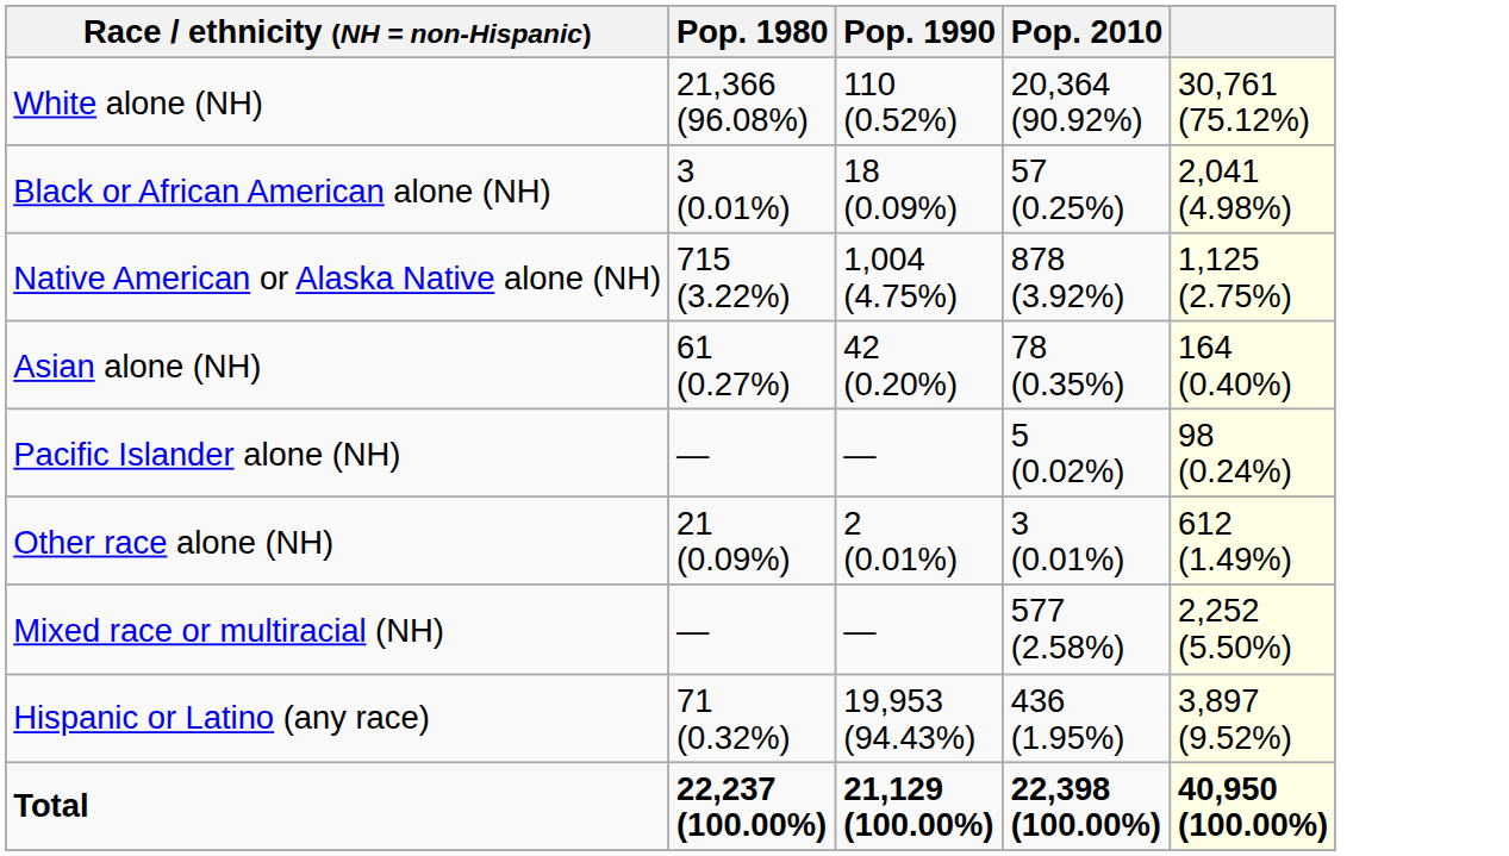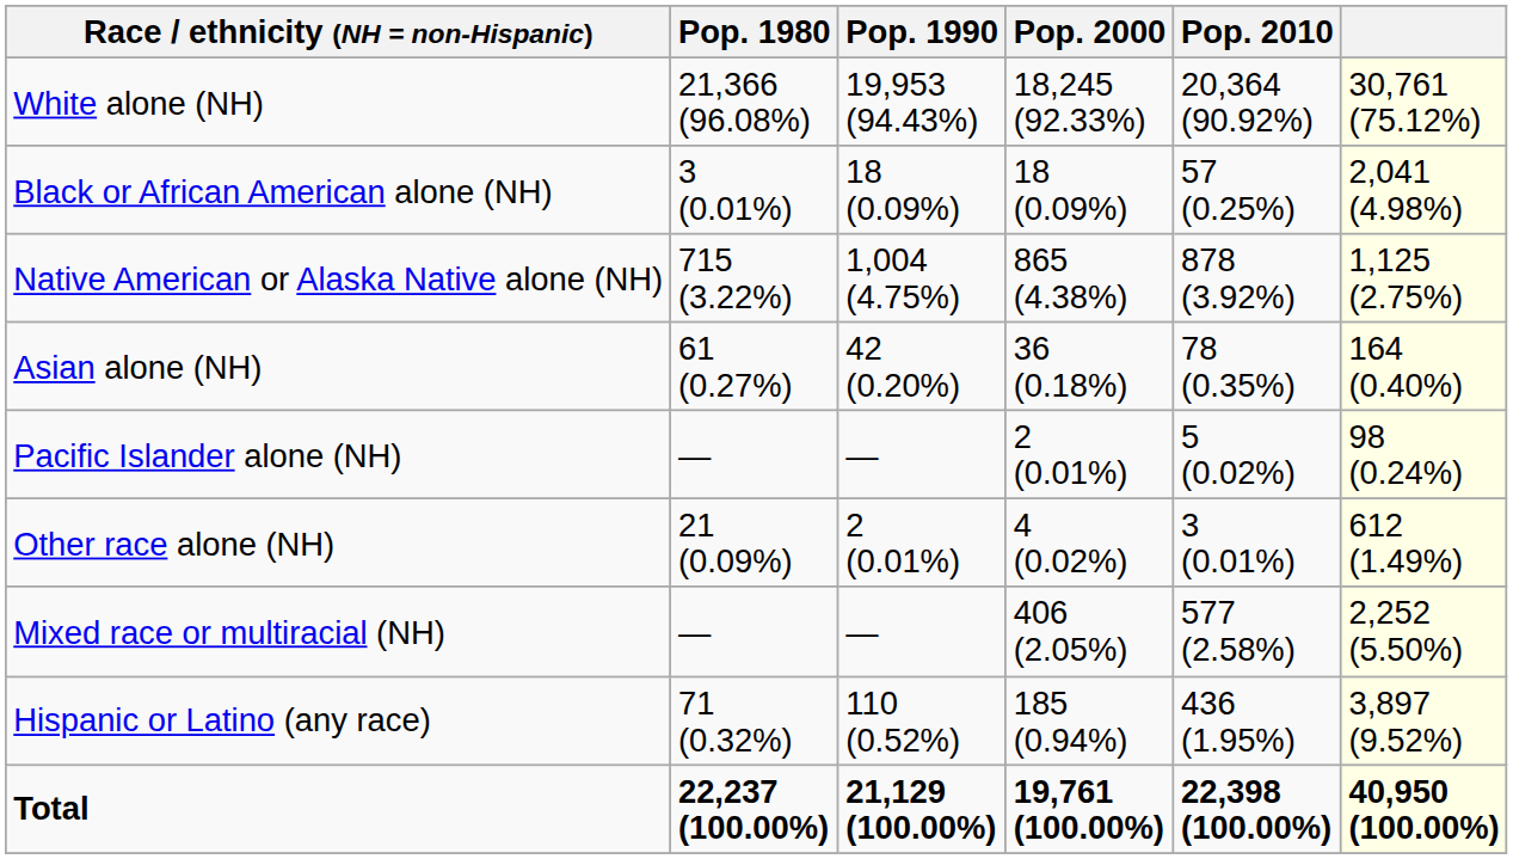 <table class="wikitable sortable collapsible" style="font-size: 95%;">
 <tr>
 <th>Race / ethnicity <small>(<em>NH = non-Hispanic</em>)</small></th>
 <th>Pop. 1980</th>
 <th>Pop. 1990</th>
+<th>Pop. 2000</th>
 <th>Pop. 2010</th>
 <th></th>
 </tr>
 <tr>
 <td><a href='#'>White</a> alone (NH)</td>
 <td>21,366<br>(96.08%)</td>
-<td>110<br>(0.52%)</td>
+<td>19,953<br>(94.43%)</td>
+<td>18,245<br>(92.33%)</td>
 <td>20,364<br>(90.92%)</td>
 <td style='background: #ffffe6;'>30,761<br>(75.12%)</td>
 </tr>
 <tr>
 <td><a href='#'>Black or African American</a> alone (NH)</td>
 <td>3<br>(0.01%)</td>
+<td>18<br>(0.09%)</td>
 <td>18<br>(0.09%)</td>
 <td>57<br>(0.25%)</td>
 <td style='background: #ffffe6;'>2,041<br>(4.98%)</td>
 </tr>
 <tr>
 <td><a href='#'>Native American</a> or <a href='#'>Alaska Native</a> alone (NH)</td>
 <td>715<br>(3.22%)</td>
 <td>1,004<br>(4.75%)</td>
+<td>865<br>(4.38%)</td>
 <td>878<br>(3.92%)</td>
 <td style='background: #ffffe6;'>1,125<br>(2.75%)</td>
 </tr>
 <tr>
 <td><a href='#'>Asian</a> alone (NH)</td>
 <td>61<br>(0.27%)</td>
 <td>42<br>(0.20%)</td>
+<td>36<br>(0.18%)</td>
 <td>78<br>(0.35%)</td>
 <td style='background: #ffffe6;'>164<br>(0.40%)</td>
 </tr>
 <tr>
 <td><a href='#'>Pacific Islander</a> alone (NH)</td>
 <td>—</td>
 <td>—</td>
+<td>2<br>(0.01%)</td>
 <td>5<br>(0.02%)</td>
 <td style='background: #ffffe6;'>98<br>(0.24%)</td>
 </tr>
 <tr>
 <td><a href='#'>Other race</a> alone (NH)</td>
 <td>21<br>(0.09%)</td>
 <td>2<br>(0.01%)</td>
+<td>4<br>(0.02%)</td>
 <td>3<br>(0.01%)</td>
 <td style='background: #ffffe6;'>612<br>(1.49%)</td>
 </tr>
 <tr>
 <td><a href='#'>Mixed race or multiracial</a> (NH)</td>
 <td>—</td>
 <td>—</td>
+<td>406<br>(2.05%)</td>
 <td>577<br>(2.58%)</td>
 <td style='background: #ffffe6;'>2,252<br>(5.50%)</td>
 </tr>
 <tr>
 <td><a href='#'>Hispanic or Latino</a> (any race)</td>
 <td>71<br>(0.32%)</td>
-<td>19,953<br>(94.43%)</td>
+<td>110<br>(0.52%)</td>
+<td>185<br>(0.94%)</td>
 <td>436<br>(1.95%)</td>
 <td style='background: #ffffe6;'>3,897<br>(9.52%)</td>
 </tr>
 <tr>
 <td><strong>Total</strong></td>
 <td><strong>22,237<br>(100.00%)</strong></td>
 <td><strong>21,129<br>(100.00%)</strong></td>
+<td><strong>19,761<br>(100.00%)</strong></td>
 <td><strong>22,398<br>(100.00%)</strong></td>
 <td style='background: #ffffe6;'><strong>40,950<br>(100.00%)</strong></td>
 </tr>
 </table>
